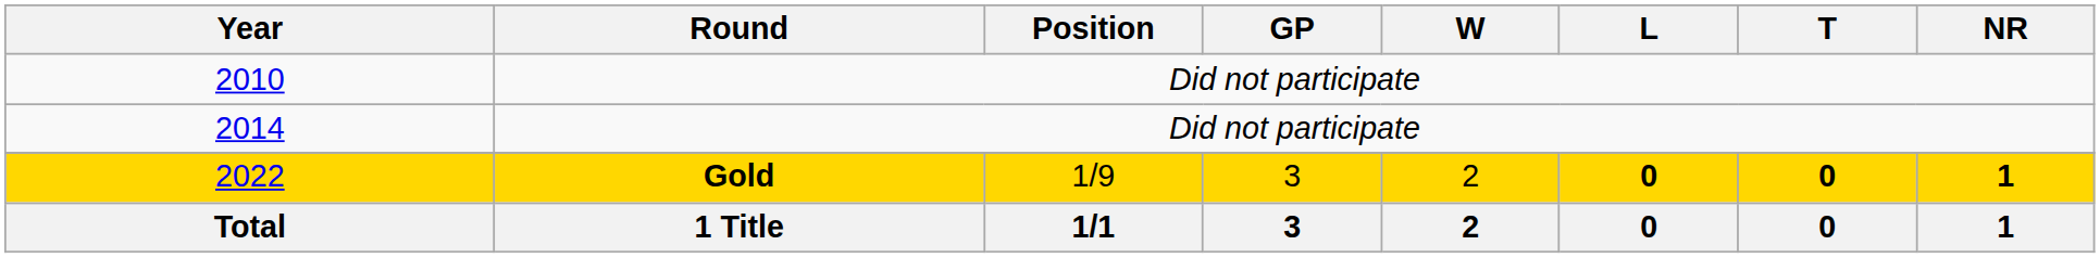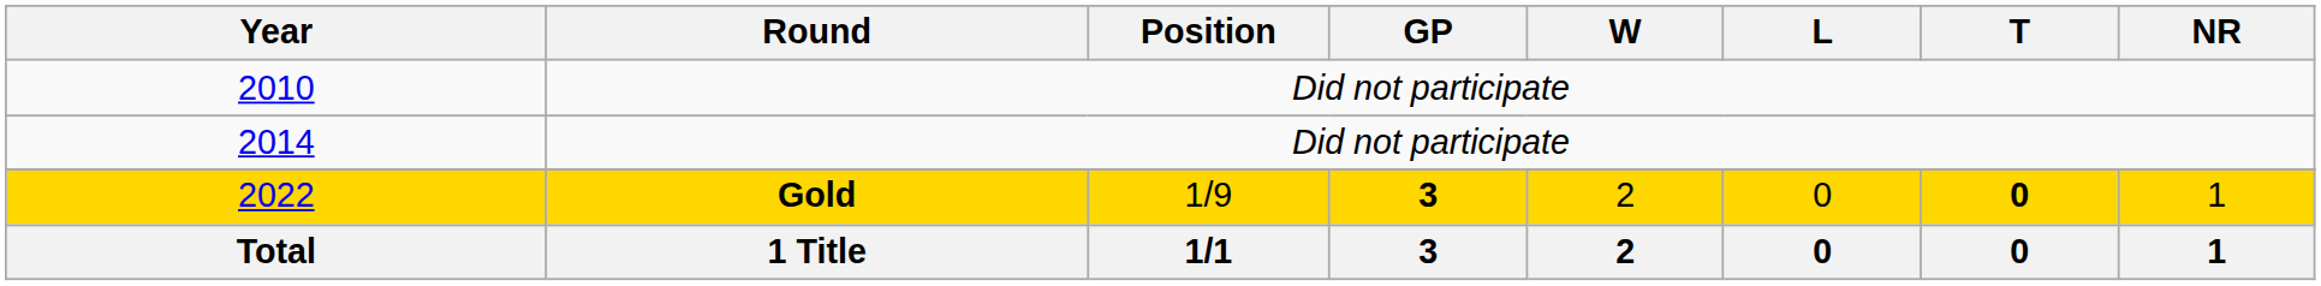 <table class="wikitable" style="text-align: center; width:85%">
 <tr>
 <th width=150>Year</th>
 <th width=150>Round</th>
 <th width=50>Position</th>
 <th width=50>GP</th>
 <th width=50>W</th>
 <th width=50>L</th>
 <th width=50>T</th>
 <th width=50>NR</th>
 </tr>
 <tr>
 <td> <a href='#'>2010</a></td>
 <td colspan=7><em>Did not participate</em></td>
 </tr>
 <tr>
 <td> <a href='#'>2014</a></td>
 <td colspan=7><em>Did not participate</em></td>
 </tr>
 <tr>
 </tr>
 <tr style="background:gold;">
 <td> <a href='#'>2022</a></td>
 <td><strong>Gold</strong></td>
 <td>1/9</td>
-<td>3</td>
+<td><strong>3</strong></td>
 <td>2</td>
+<td>0</td>
 <td><strong>0</strong></td>
-<td><strong>0</strong></td>
-<td><strong>1</strong></td>
+<td>1</td>
 </tr>
 <tr>
 <th>Total</th>
 <th>1 Title</th>
 <th>1/1</th>
 <th>3</th>
 <th>2</th>
 <th>0</th>
 <th>0</th>
 <th>1</th>
 </tr>
 </table>
